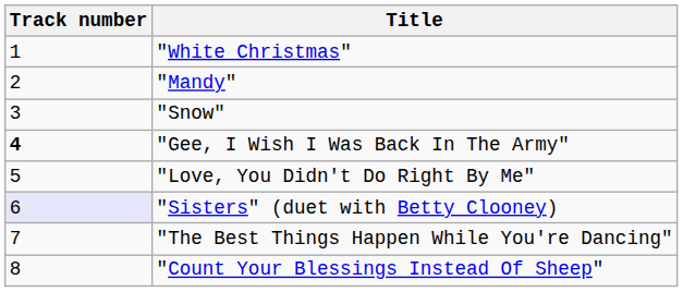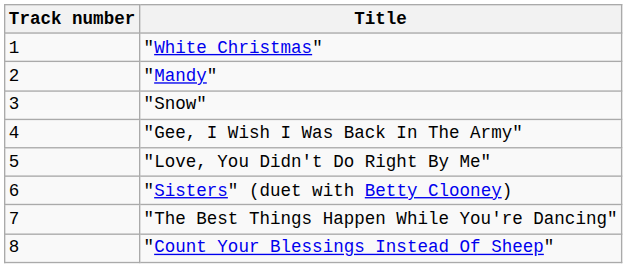 <table class="wikitable">
 <tr>
 <th>Track number</th>
 <th>Title</th>
 </tr>
 <tr>
 <td>1</td>
 <td>"<a href='#'>White Christmas</a>"</td>
 </tr>
 <tr>
 <td>2</td>
 <td>"<a href='#'>Mandy</a>"</td>
 </tr>
 <tr>
 <td>3</td>
 <td>"Snow"</td>
 </tr>
 <tr>
-<td><strong>4</strong></td>
+<td>4</td>
 <td>"Gee, I Wish I Was Back In The Army"</td>
 </tr>
 <tr>
 <td>5</td>
 <td>"Love, You Didn't Do Right By Me"</td>
 </tr>
 <tr>
-<td style="background: lavender;">6</td>
+<td>6</td>
 <td>"<a href='#'>Sisters</a>" (duet with <a href='#'>Betty Clooney</a>)</td>
 </tr>
 <tr>
 <td>7</td>
 <td>"The Best Things Happen While You're Dancing"</td>
 </tr>
 <tr>
 <td>8</td>
 <td>"<a href='#'>Count Your Blessings Instead Of Sheep</a>"</td>
 </tr>
 </table>
